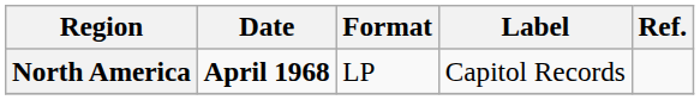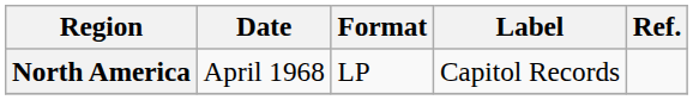 <table class="wikitable plainrowheaders">
 <tr>
 <th scope="col">Region</th>
 <th scope="col">Date</th>
 <th scope="col">Format</th>
 <th scope="col">Label</th>
 <th scope="col">Ref.</th>
 </tr>
 <tr>
 <th scope="row">North America</th>
-<td><strong>April 1968</strong></td>
+<td>April 1968</td>
 <td>LP</td>
 <td>Capitol Records</td>
 <td></td>
 </tr>
 <tr>
 </tr>
 </table>
